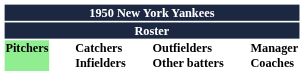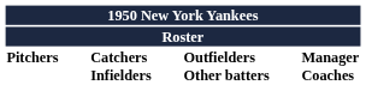 <table class="toccolours" style="font-size: 95%;">
 <tr>
 <th colspan="10" style="background-color: #1c2841; color: white; text-align: center;">1950 New York Yankees</th>
 </tr>
 <tr>
 <td colspan="10" style="background-color:#1c2841; color: white; text-align: center;"><strong>Roster</strong></td>
 </tr>
 <tr>
-<td valign="top" style="background: lightgreen;"><strong>Pitchers</strong><br>              </td>
+<td valign="top"><strong>Pitchers</strong><br>              </td>
 <td width="25px"></td>
 <td valign="top"><strong>Catchers</strong><br>   <strong>Infielders</strong>           </td>
 <td width="25px"></td>
 <td valign="top"><strong>Outfielders</strong><br>      <strong>Other batters</strong>   </td>
 <td width="25px"></td>
 <td valign="top"><strong>Manager</strong><br> <strong>Coaches</strong>   </td>
 </tr>
 </table>
